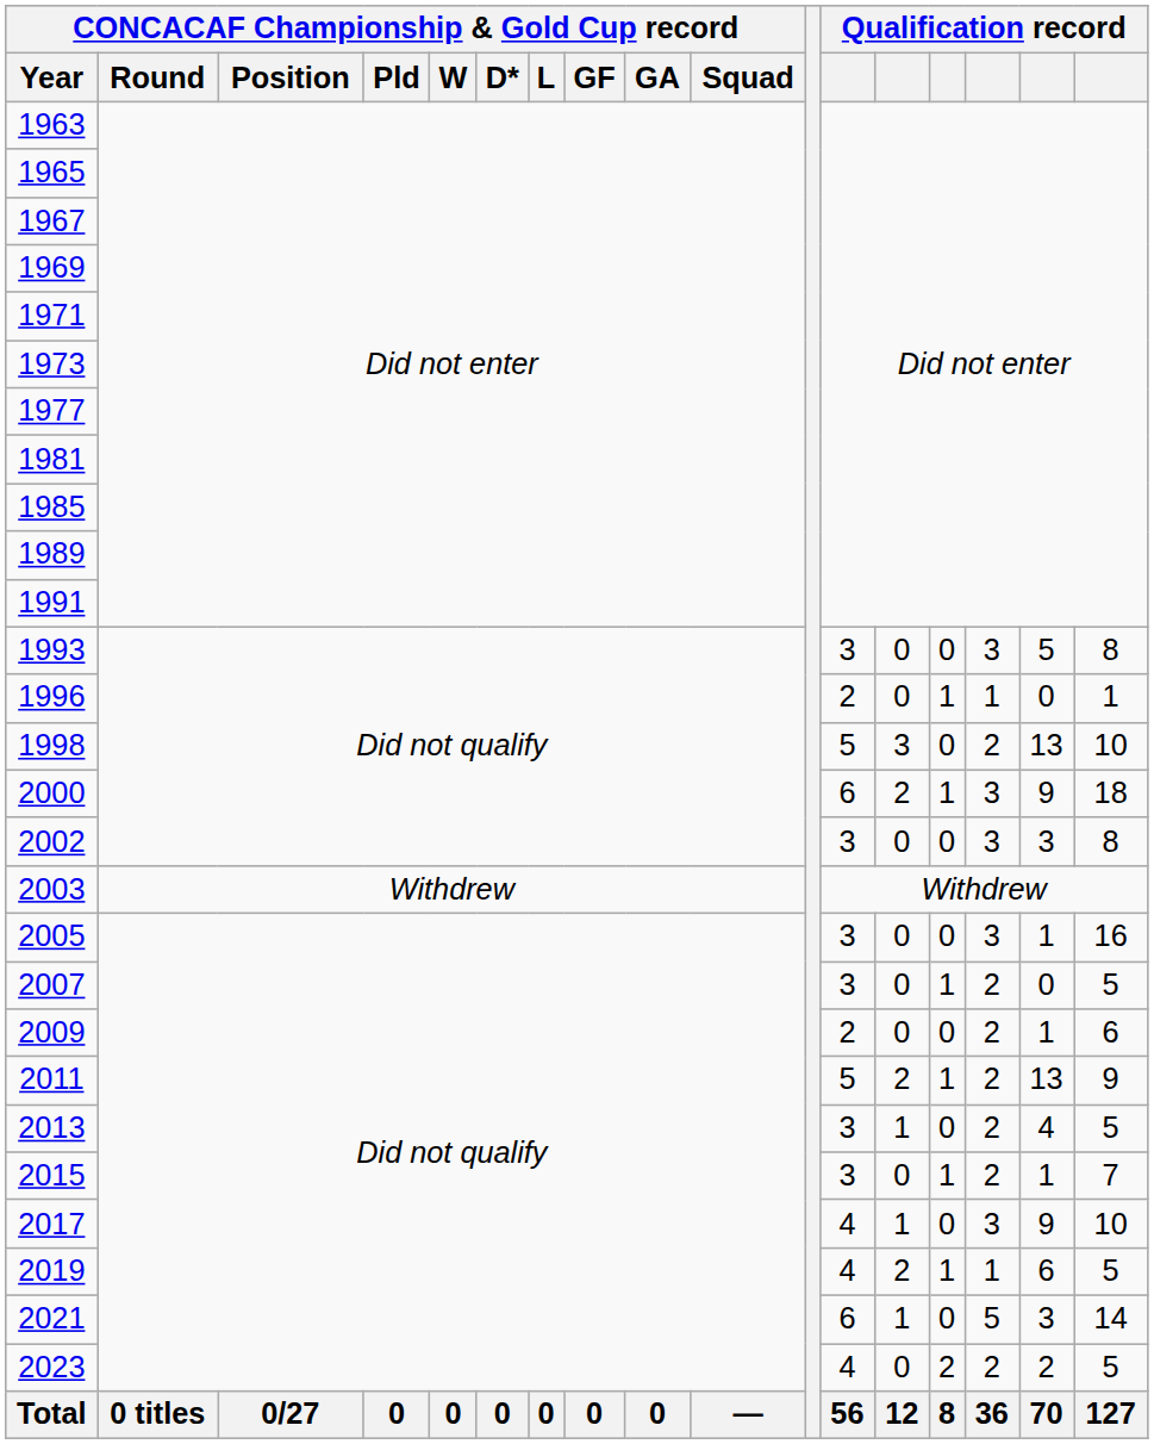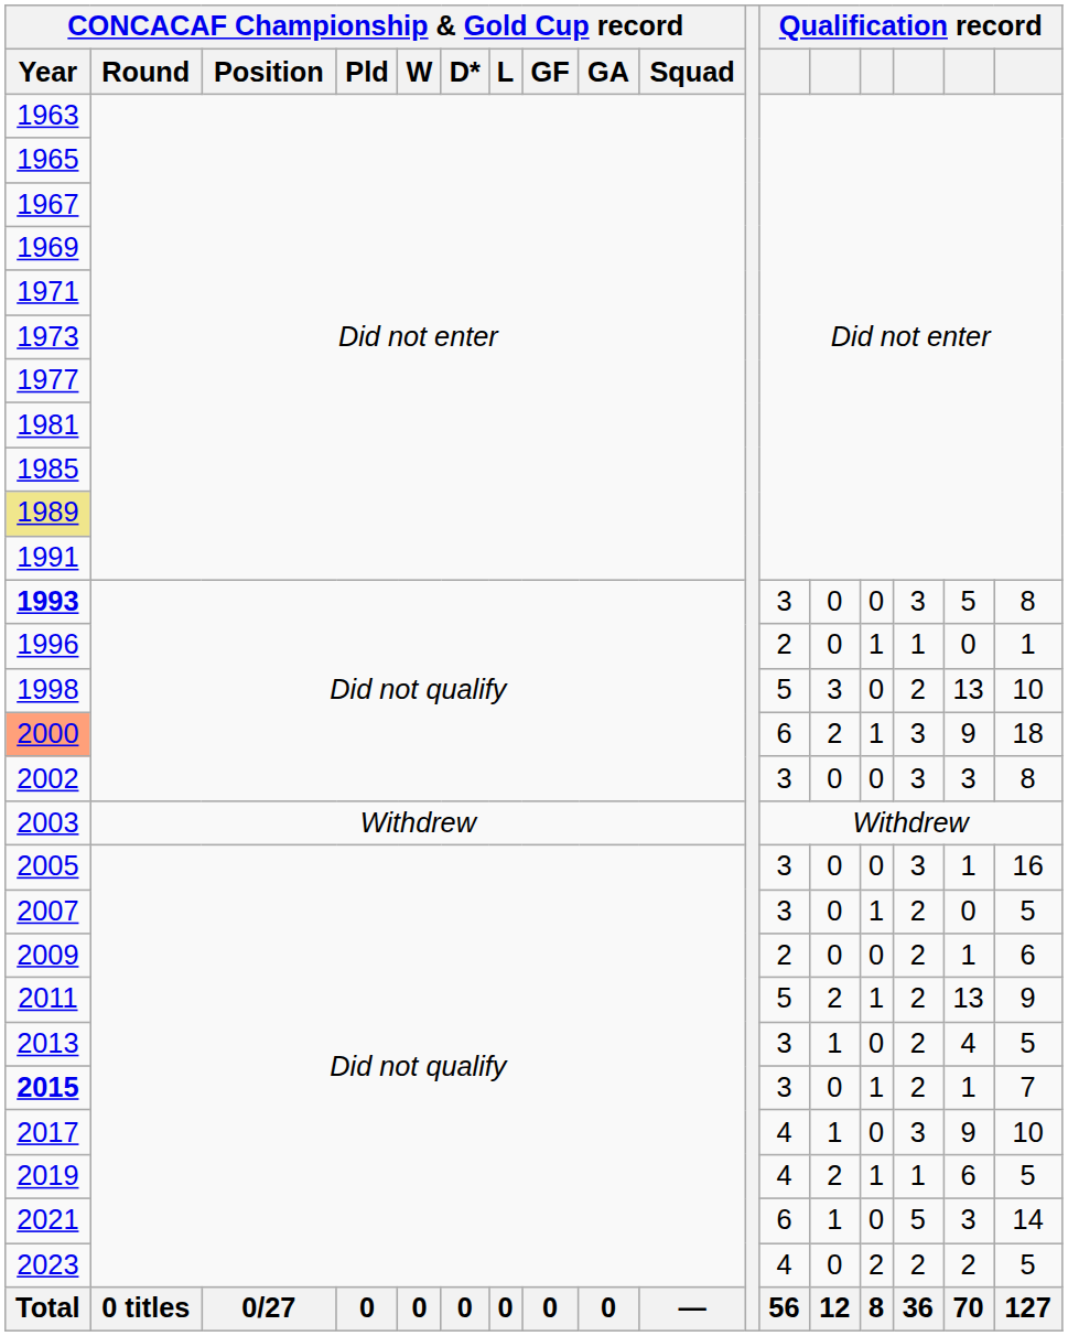 <table class="wikitable" style="text-align: center;">
 <tr>
 <th colspan=10><a href='#'>CONCACAF Championship</a> & <a href='#'>Gold Cup</a> record</th>
 <th width=1% rowspan="30"></th>
 <th colspan=6><a href='#'>Qualification</a> record</th>
 </tr>
 <tr>
 <th>Year</th>
 <th>Round</th>
 <th>Position</th>
 <th>Pld</th>
 <th>W</th>
 <th>D*</th>
 <th>L</th>
 <th>GF</th>
 <th>GA</th>
 <th>Squad</th>
 <th></th>
 <th></th>
 <th></th>
 <th></th>
 <th></th>
 <th></th>
 </tr>
 <tr>
 <td align="center"> <a href='#'>1963</a></td>
 <td colspan=9 rowspan=11><em>Did not enter</em></td>
 <td colspan=6 rowspan=11><em>Did not enter</em></td>
 </tr>
 <tr>
 <td align="center"> <a href='#'>1965</a></td>
 </tr>
 <tr>
 <td align="center"> <a href='#'>1967</a></td>
 </tr>
 <tr>
 <td align="center"> <a href='#'>1969</a></td>
 </tr>
 <tr>
 <td align="center"> <a href='#'>1971</a></td>
 </tr>
 <tr>
 <td align="center"> <a href='#'>1973</a></td>
 </tr>
 <tr>
 <td align="center"> <a href='#'>1977</a></td>
 </tr>
 <tr>
 <td align="center"> <a href='#'>1981</a></td>
 </tr>
 <tr>
 <td align="center"><a href='#'>1985</a></td>
 </tr>
 <tr>
-<td align="center"><a href='#'>1989</a></td>
+<td align="center" style="background: khaki;"><a href='#'>1989</a></td>
 </tr>
 <tr>
 <td align="center"> <a href='#'>1991</a></td>
 </tr>
 <tr>
-<td align="center"> <a href='#'>1993</a></td>
+<td align="center"><strong> <a href='#'>1993</a></strong></td>
 <td colspan=9 rowspan=5><em>Did not qualify</em></td>
 <td>3</td>
 <td>0</td>
 <td>0</td>
 <td>3</td>
 <td>5</td>
 <td>8</td>
 </tr>
 <tr>
 <td align="center"> <a href='#'>1996</a></td>
 <td>2</td>
 <td>0</td>
 <td>1</td>
 <td>1</td>
 <td>0</td>
 <td>1</td>
 </tr>
 <tr>
 <td align="center"> <a href='#'>1998</a></td>
 <td>5</td>
 <td>3</td>
 <td>0</td>
 <td>2</td>
 <td>13</td>
 <td>10</td>
 </tr>
 <tr>
-<td align="center"> <a href='#'>2000</a></td>
+<td align="center" style="background: lightsalmon;"> <a href='#'>2000</a></td>
 <td>6</td>
 <td>2</td>
 <td>1</td>
 <td>3</td>
 <td>9</td>
 <td>18</td>
 </tr>
 <tr>
 <td align="center"> <a href='#'>2002</a></td>
 <td>3</td>
 <td>0</td>
 <td>0</td>
 <td>3</td>
 <td>3</td>
 <td>8</td>
 </tr>
 <tr>
 <td align="center"> <a href='#'>2003</a></td>
 <td colspan=9><em>Withdrew</em></td>
 <td colspan=6><em>Withdrew</em></td>
 </tr>
 <tr>
 <td align="center"> <a href='#'>2005</a></td>
 <td colspan=9 rowspan=10><em>Did not qualify</em></td>
 <td>3</td>
 <td>0</td>
 <td>0</td>
 <td>3</td>
 <td>1</td>
 <td>16</td>
 </tr>
 <tr>
 <td align="center"> <a href='#'>2007</a></td>
 <td>3</td>
 <td>0</td>
 <td>1</td>
 <td>2</td>
 <td>0</td>
 <td>5</td>
 </tr>
 <tr>
 <td align="center"> <a href='#'>2009</a></td>
 <td>2</td>
 <td>0</td>
 <td>0</td>
 <td>2</td>
 <td>1</td>
 <td>6</td>
 </tr>
 <tr>
 <td align="center"> <a href='#'>2011</a></td>
 <td>5</td>
 <td>2</td>
 <td>1</td>
 <td>2</td>
 <td>13</td>
 <td>9</td>
 </tr>
 <tr>
 <td align="center"> <a href='#'>2013</a></td>
 <td>3</td>
 <td>1</td>
 <td>0</td>
 <td>2</td>
 <td>4</td>
 <td>5</td>
 </tr>
 <tr>
-<td align="center"> <a href='#'>2015</a></td>
+<td align="center"><strong> <a href='#'>2015</a></strong></td>
 <td>3</td>
 <td>0</td>
 <td>1</td>
 <td>2</td>
 <td>1</td>
 <td>7</td>
 </tr>
 <tr>
 <td align="center"> <a href='#'>2017</a></td>
 <td>4</td>
 <td>1</td>
 <td>0</td>
 <td>3</td>
 <td>9</td>
 <td>10</td>
 </tr>
 <tr>
 <td align="center"> <a href='#'>2019</a></td>
 <td>4</td>
 <td>2</td>
 <td>1</td>
 <td>1</td>
 <td>6</td>
 <td>5</td>
 </tr>
 <tr>
 <td> <a href='#'>2021</a></td>
 <td>6</td>
 <td>1</td>
 <td>0</td>
 <td>5</td>
 <td>3</td>
 <td>14</td>
 </tr>
 <tr>
 <td> <a href='#'>2023</a></td>
 <td>4</td>
 <td>0</td>
 <td>2</td>
 <td>2</td>
 <td>2</td>
 <td>5</td>
 </tr>
 <tr>
 <th>Total</th>
 <th>0 titles</th>
 <th>0/27</th>
 <th>0</th>
 <th>0</th>
 <th>0</th>
 <th>0</th>
 <th>0</th>
 <th>0</th>
 <th>—</th>
 <th>56</th>
 <th>12</th>
 <th>8</th>
 <th>36</th>
 <th>70</th>
 <th>127</th>
 </tr>
 </table>
